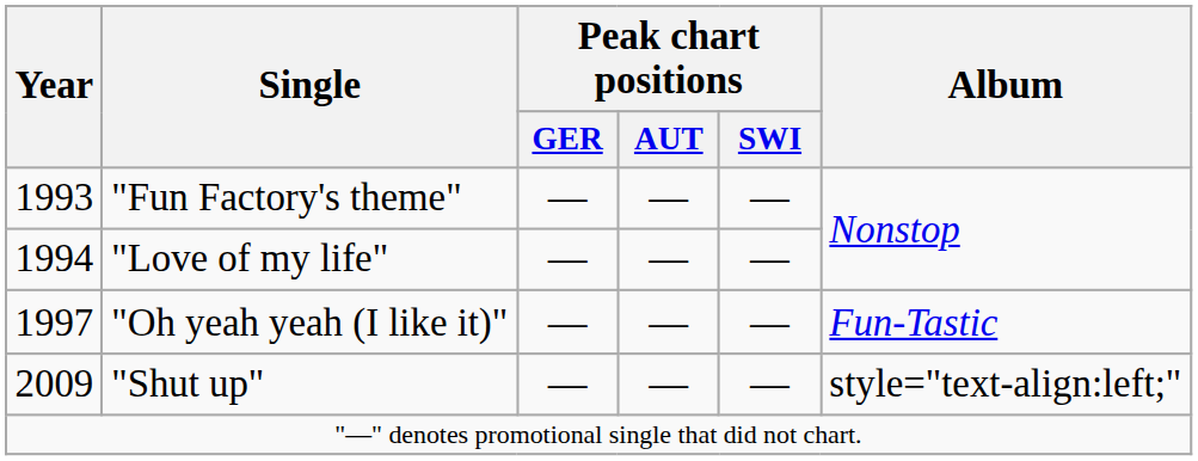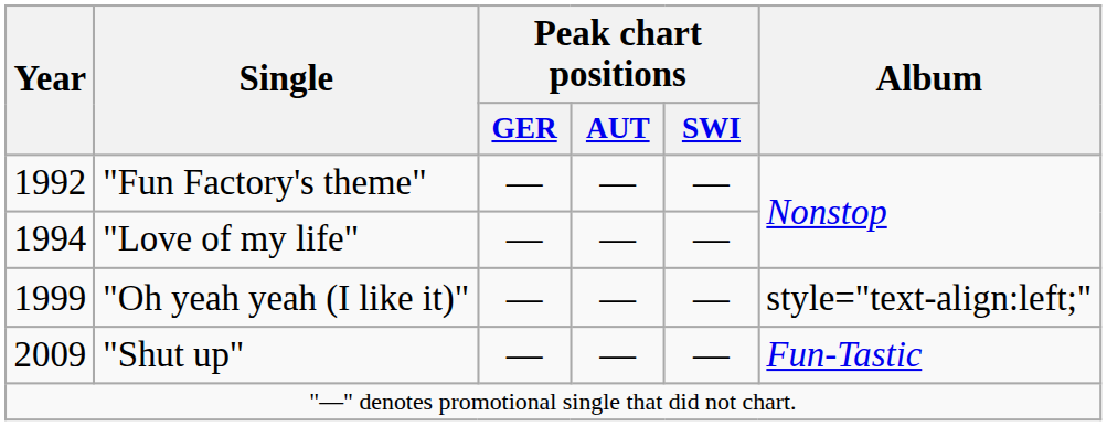 <table class="wikitable" style="text-align:center;">
 <tr>
 <th rowspan="2">Year</th>
 <th rowspan="2">Single</th>
 <th colspan="3">Peak chart positions</th>
 <th rowspan="2">Album</th>
 </tr>
 <tr style="font-size:smaller;">
 <th style="width:35px;"><a href='#'>GER</a><br></th>
 <th style="width:35px;"><a href='#'>AUT</a></th>
 <th style="width:35px;"><a href='#'>SWI</a></th>
 </tr>
 <tr>
-<td>1993</td>
+<td>1992</td>
 <td style="text-align:left;">"Fun Factory's theme"</td>
 <td>—</td>
 <td>—</td>
 <td>—</td>
 <td style="text-align:left;" rowspan="2"><em><a href='#'>Nonstop</a></em></td>
 </tr>
 <tr>
 <td>1994</td>
 <td style="text-align:left;">"Love of my life"</td>
 <td>—</td>
 <td>—</td>
 <td>—</td>
 </tr>
 <tr>
-<td>1997</td>
+<td>1999</td>
 <td style="text-align:left;">"Oh yeah yeah (I like it)"</td>
 <td>—</td>
 <td>—</td>
 <td>—</td>
-<td style="text-align:left;"><em><a href='#'>Fun-Tastic</a></em></td>
+<td>style="text-align:left;" </td>
 </tr>
 <tr>
 <td>2009</td>
 <td style="text-align:left;">"Shut up"</td>
 <td>—</td>
 <td>—</td>
 <td>—</td>
-<td>style="text-align:left;" </td>
+<td style="text-align:left;"><em><a href='#'>Fun-Tastic</a></em></td>
 </tr>
 <tr>
 <td colspan="15" style="font-size:8pt">"—" denotes promotional single that did not chart.</td>
 </tr>
 </table>
